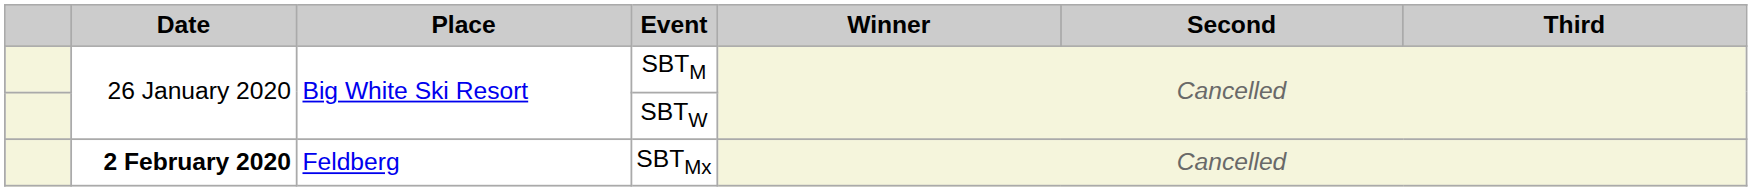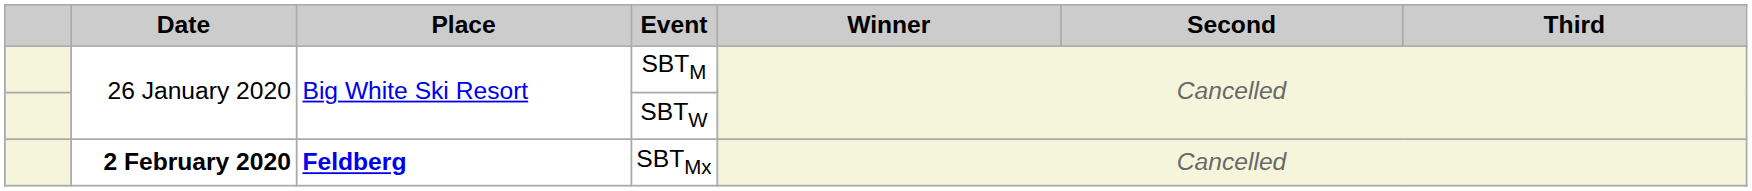 <table class="wikitable plainrowheaders" style="background:#fff; font-size:86%; line-height:16px; border:grey solid 1px; border-collapse:collapse;">
 <tr>
 <th scope="col" style="background:#ccc; width:30px;"></th>
 <th scope="col" style="background:#ccc; width:120px;">Date</th>
 <th scope="col" style="background:#ccc; width:180px;">Place</th>
 <th scope="col" style="background:#ccc; width:30px;">Event</th>
 <th scope="col" style="background:#ccc; width:185px;">Winner</th>
 <th scope="col" style="background:#ccc; width:185px;">Second</th>
 <th scope="col" style="background:#ccc; width:185px;">Third</th>
 </tr>
 <tr>
 <td bgcolor="F5F5DC"></td>
 <td align="right" rowspan=2>26 January 2020</td>
 <td rowspan=2> <a href='#'>Big White Ski Resort</a></td>
 <td align="center">SBT<sub>M</sub></td>
 <td rowspan=2 colspan=5 align=center bgcolor="F5F5DC" style=color:#696969><em>Cancelled</em></td>
 </tr>
 <tr>
 <td bgcolor="F5F5DC"></td>
 <td align="center">SBT<sub>W</sub></td>
 </tr>
 <tr>
 <td bgcolor="F5F5DC"></td>
 <td align="right"><strong>2 February 2020</strong></td>
-<td> <a href='#'>Feldberg</a></td>
+<td><strong> <a href='#'>Feldberg</a></strong></td>
 <td align="center">SBT<sub>Mx</sub></td>
 <td colspan=5 align=center bgcolor="F5F5DC" style=color:#696969><em>Cancelled</em></td>
 </tr>
 </table>
